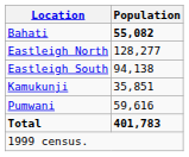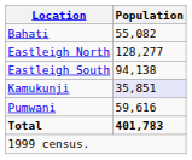 <table class="wikitable">
 <tr>
 <th><a href='#'>Location</a></th>
 <th>Population</th>
 </tr>
 <tr>
 <td><a href='#'>Bahati</a></td>
-<td><strong>55,082</strong></td>
+<td>55,082</td>
 </tr>
 <tr>
 <td><a href='#'>Eastleigh North</a></td>
 <td>128,277</td>
 </tr>
 <tr>
 <td><a href='#'>Eastleigh South</a></td>
 <td>94,138</td>
 </tr>
 <tr>
 <td><a href='#'>Kamukunji</a></td>
-<td>35,851</td>
+<td style="background: lavender;">35,851</td>
 </tr>
 <tr>
 <td><a href='#'>Pumwani</a></td>
 <td>59,616</td>
 </tr>
 <tr>
 <td><strong>Total</strong></td>
 <td><strong>401,783</strong></td>
 </tr>
 <tr>
 <td colspan="2">1999 census.</td>
 </tr>
 </table>
